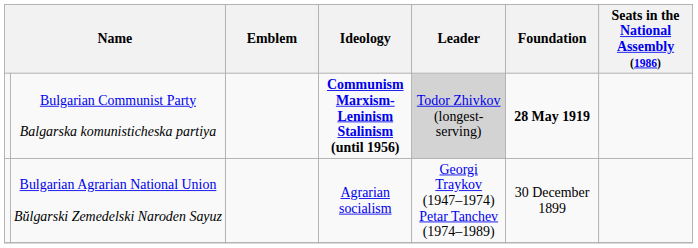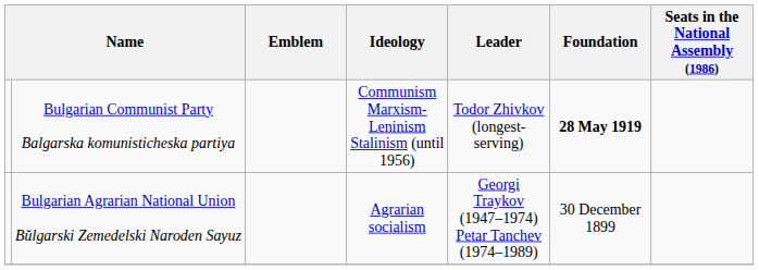 <table class="wikitable" style="text-align:center;">
 <tr style="background:#efefef;">
 <th align="left" colspan="2">Name<br></th>
 <th style="width:100px;">Emblem</th>
 <th style="width:100px;">Ideology</th>
 <th style="width:100px;">Leader</th>
 <th style="width:100px; text-align:center;">Foundation</th>
 <th style="width:100px; text-align:center;">Seats in the <a href='#'>National Assembly</a> <small>(<a href='#'>1986</a>)</small></th>
 </tr>
 <tr>
 <td bgcolor=></td>
 <td><a href='#'>Bulgarian Communist Party</a><br><br><em>Balgarska komunisticheska partiya</em></td>
 <td></td>
-<td><strong><a href='#'>Communism</a> <a href='#'>Marxism-Leninism</a> <a href='#'>Stalinism</a> (until 1956)</strong></td>
-<td style="background: lightgrey;"><a href='#'>Todor Zhivkov</a> (longest-serving)</td>
+<td><a href='#'>Communism</a> <a href='#'>Marxism-Leninism</a> <a href='#'>Stalinism</a> (until 1956)</td>
+<td><a href='#'>Todor Zhivkov</a> (longest-serving)</td>
 <td><strong>28 May 1919</strong></td>
 <td></td>
 </tr>
 <tr>
 <td bgcolor=></td>
 <td><a href='#'>Bulgarian Agrarian National Union</a><br><br><em>Bŭlgarski Zemedelski Naroden Sayuz</em></td>
 <td></td>
 <td><a href='#'>Agrarian socialism</a><br></td>
 <td><a href='#'>Georgi Traykov</a> (1947–1974) <a href='#'>Petar Tanchev</a> (1974–1989)</td>
 <td>30 December 1899</td>
 <td></td>
 </tr>
 <tr>
 </tr>
 </table>
